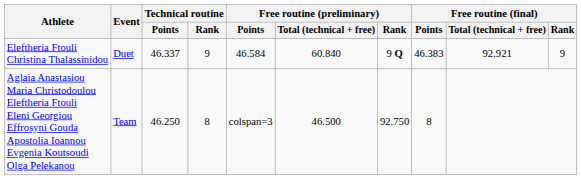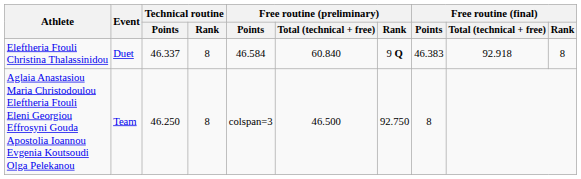 <table class="wikitable" style="font-size:90%">
 <tr>
 <th rowspan="2">Athlete</th>
 <th rowspan="2">Event</th>
 <th colspan=2>Technical routine</th>
 <th colspan=3>Free routine (preliminary)</th>
 <th colspan=3>Free routine (final)</th>
 </tr>
 <tr style="font-size:95%">
 <th>Points</th>
 <th>Rank</th>
 <th>Points</th>
 <th>Total (technical + free)</th>
 <th>Rank</th>
 <th>Points</th>
 <th>Total (technical + free)</th>
 <th>Rank</th>
 </tr>
 <tr align=center>
 <td align=left><a href='#'>Eleftheria Ftouli</a><br><a href='#'>Christina Thalassinidou</a></td>
 <td align=left><a href='#'>Duet</a></td>
 <td>46.337</td>
-<td>9</td>
+<td>8</td>
 <td>46.584</td>
 <td>60.840</td>
 <td>9 <strong>Q</strong></td>
 <td>46.383</td>
-<td>92.921</td>
-<td>9</td>
+<td>92.918</td>
+<td>8</td>
 </tr>
 <tr align=center>
 <td align=left><a href='#'>Aglaia Anastasiou</a><br><a href='#'>Maria Christodoulou</a><br><a href='#'>Eleftheria Ftouli</a><br><a href='#'>Eleni Georgiou</a><br><a href='#'>Effrosyni Gouda</a><br><a href='#'>Apostolia Ioannou</a><br><a href='#'>Evgenia Koutsoudi</a><br><a href='#'>Olga Pelekanou</a></td>
 <td align=left><a href='#'>Team</a></td>
 <td>46.250</td>
 <td>8</td>
 <td>colspan=3 </td>
 <td>46.500</td>
 <td>92.750</td>
 <td>8</td>
 </tr>
 </table>
